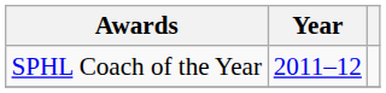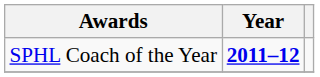 <table class="wikitable">
 <tr>
 <th>Awards</th>
 <th>Year</th>
 <th></th>
 </tr>
 <tr>
 <td><a href='#'>SPHL</a> Coach of the Year</td>
-<td><a href='#'>2011–12</a></td>
+<td><strong><a href='#'>2011–12</a></strong></td>
 <td></td>
 </tr>
 <tr>
 </tr>
 </table>
